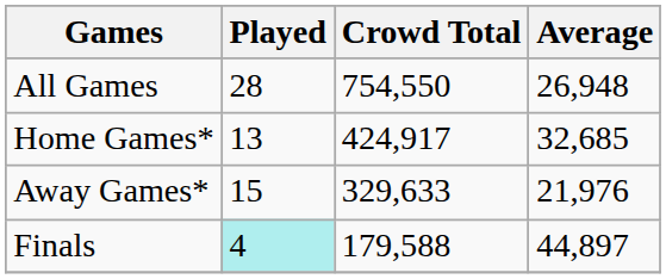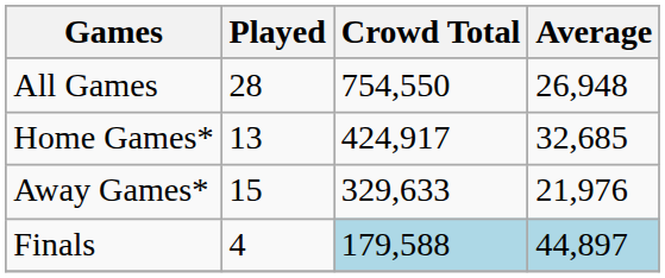 <table class="wikitable" align="center">
 <tr>
 <th>Games</th>
 <th>Played</th>
 <th>Crowd Total</th>
 <th>Average</th>
 </tr>
 <tr>
 <td>All Games</td>
 <td>28</td>
 <td>754,550</td>
 <td>26,948</td>
 </tr>
 <tr>
 <td>Home Games*</td>
 <td>13</td>
 <td>424,917</td>
 <td>32,685</td>
 </tr>
 <tr>
 <td>Away Games*</td>
 <td>15</td>
 <td>329,633</td>
 <td>21,976</td>
 </tr>
 <tr>
 <td>Finals</td>
-<td style="background: paleturquoise;">4</td>
-<td>179,588</td>
-<td>44,897</td>
+<td>4</td>
+<td style="background: lightblue;">179,588</td>
+<td style="background: lightblue;">44,897</td>
 </tr>
 <tr>
 </tr>
 </table>
